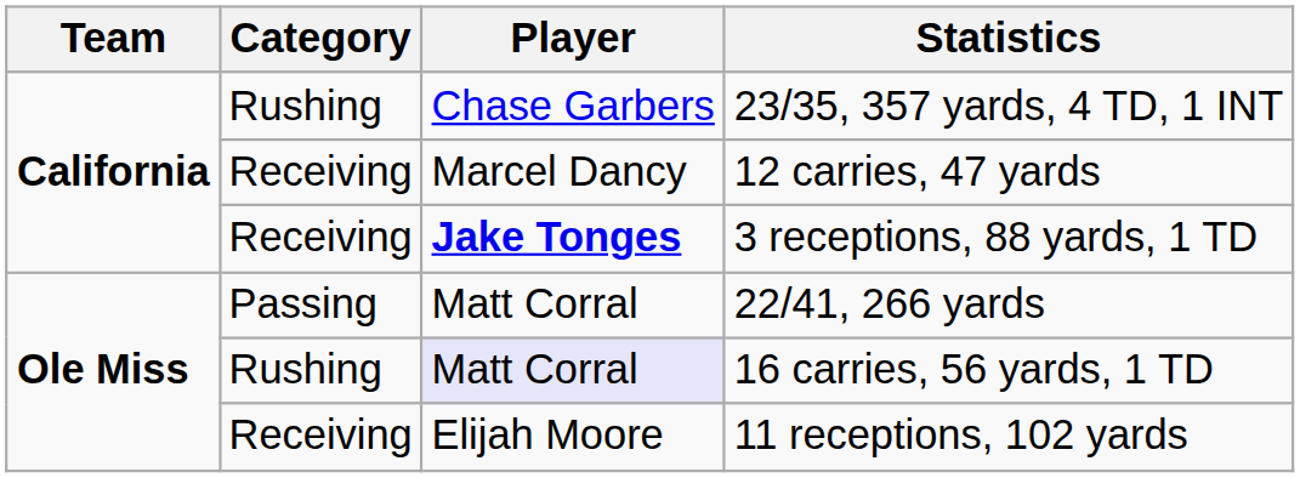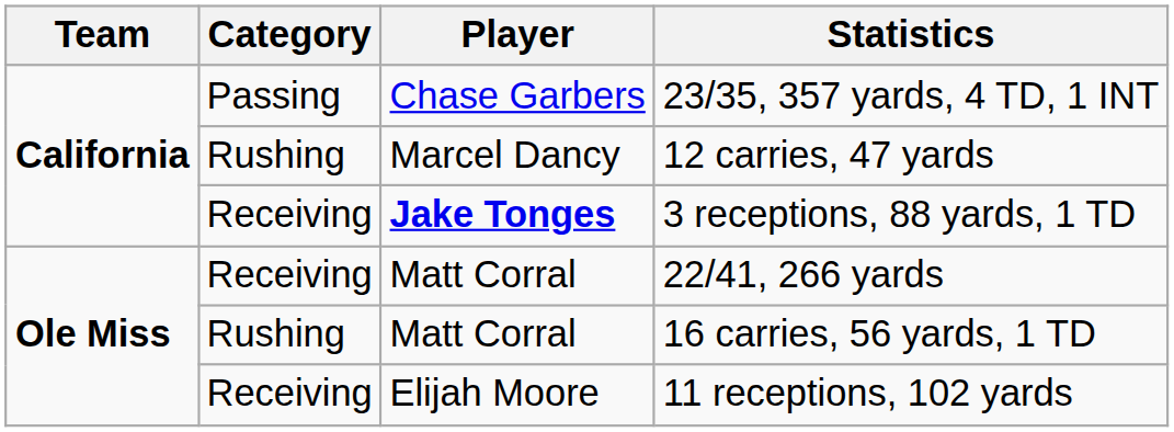 <table class="wikitable" style="float: right;">
 <tr>
 <th>Team</th>
 <th>Category</th>
 <th>Player</th>
 <th>Statistics</th>
 </tr>
 <tr>
 <td rowspan=3><strong>California</strong></td>
-<td>Rushing</td>
+<td>Passing</td>
 <td><a href='#'>Chase Garbers</a></td>
 <td>23/35, 357 yards, 4 TD, 1 INT</td>
 </tr>
 <tr>
-<td>Receiving</td>
+<td>Rushing</td>
 <td>Marcel Dancy</td>
 <td>12 carries, 47 yards</td>
 </tr>
 <tr>
 <td>Receiving</td>
 <td><strong><a href='#'>Jake Tonges</a></strong></td>
 <td>3 receptions, 88 yards, 1 TD</td>
 </tr>
 <tr>
 <td rowspan=3><strong>Ole Miss</strong></td>
-<td>Passing</td>
+<td>Receiving</td>
 <td>Matt Corral</td>
 <td>22/41, 266 yards</td>
 </tr>
 <tr>
 <td>Rushing</td>
-<td style="background: lavender;">Matt Corral</td>
+<td>Matt Corral</td>
 <td>16 carries, 56 yards, 1 TD</td>
 </tr>
 <tr>
 <td>Receiving</td>
 <td>Elijah Moore</td>
 <td>11 receptions, 102 yards</td>
 </tr>
 </table>
